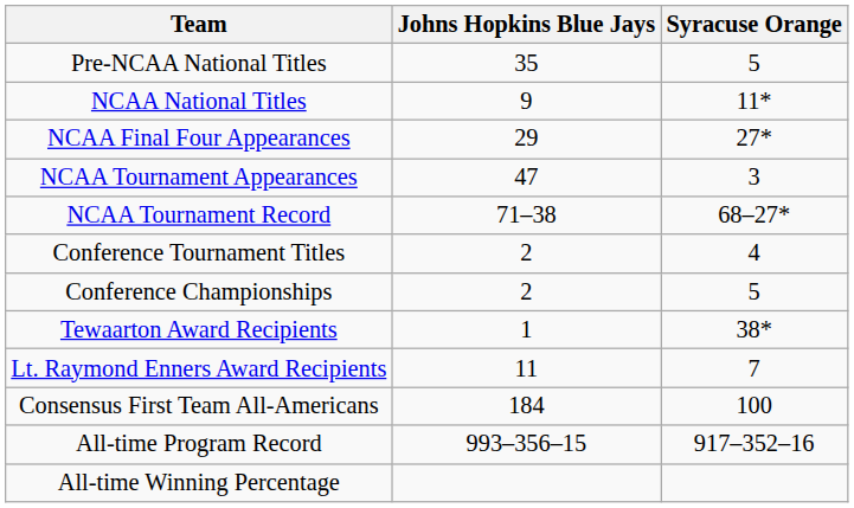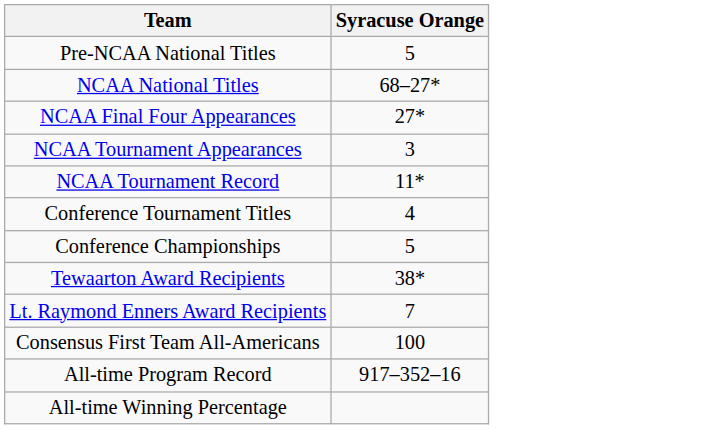 <table class="wikitable" style="text-align:center;">
 <tr>
 <th>Team</th>
-<th>Johns Hopkins Blue Jays</th>
 <th>Syracuse Orange</th>
 </tr>
 <tr>
 <td>Pre-NCAA National Titles</td>
-<td style=>35</td>
 <td>5</td>
 </tr>
 <tr>
 <td><a href='#'>NCAA National Titles</a></td>
-<td style=>9</td>
-<td>11*</td>
+<td>68–27*</td>
 </tr>
 <tr>
 <td><a href='#'>NCAA Final Four Appearances</a></td>
-<td>29</td>
 <td>27*</td>
 </tr>
 <tr>
 <td><a href='#'>NCAA Tournament Appearances</a></td>
-<td>47</td>
 <td>3</td>
 </tr>
 <tr>
 <td><a href='#'>NCAA Tournament Record</a></td>
-<td>71–38</td>
-<td>68–27*</td>
+<td>11*</td>
 </tr>
 <tr>
 <td>Conference Tournament Titles</td>
-<td>2</td>
 <td>4</td>
 </tr>
 <tr>
 <td>Conference Championships</td>
-<td>2</td>
 <td>5</td>
 </tr>
 <tr>
 <td><a href='#'>Tewaarton Award Recipients</a></td>
-<td>1</td>
 <td>38*</td>
 </tr>
 <tr>
 <td><a href='#'>Lt. Raymond Enners Award Recipients</a></td>
-<td>11</td>
 <td>7</td>
 </tr>
 <tr>
 <td>Consensus First Team All-Americans</td>
-<td>184</td>
 <td>100</td>
 </tr>
 <tr>
 <td>All-time Program Record</td>
-<td>993–356–15</td>
 <td>917–352–16</td>
 </tr>
 <tr>
 <td>All-time Winning Percentage</td>
 <td></td>
-<td></td>
 </tr>
 </table>
